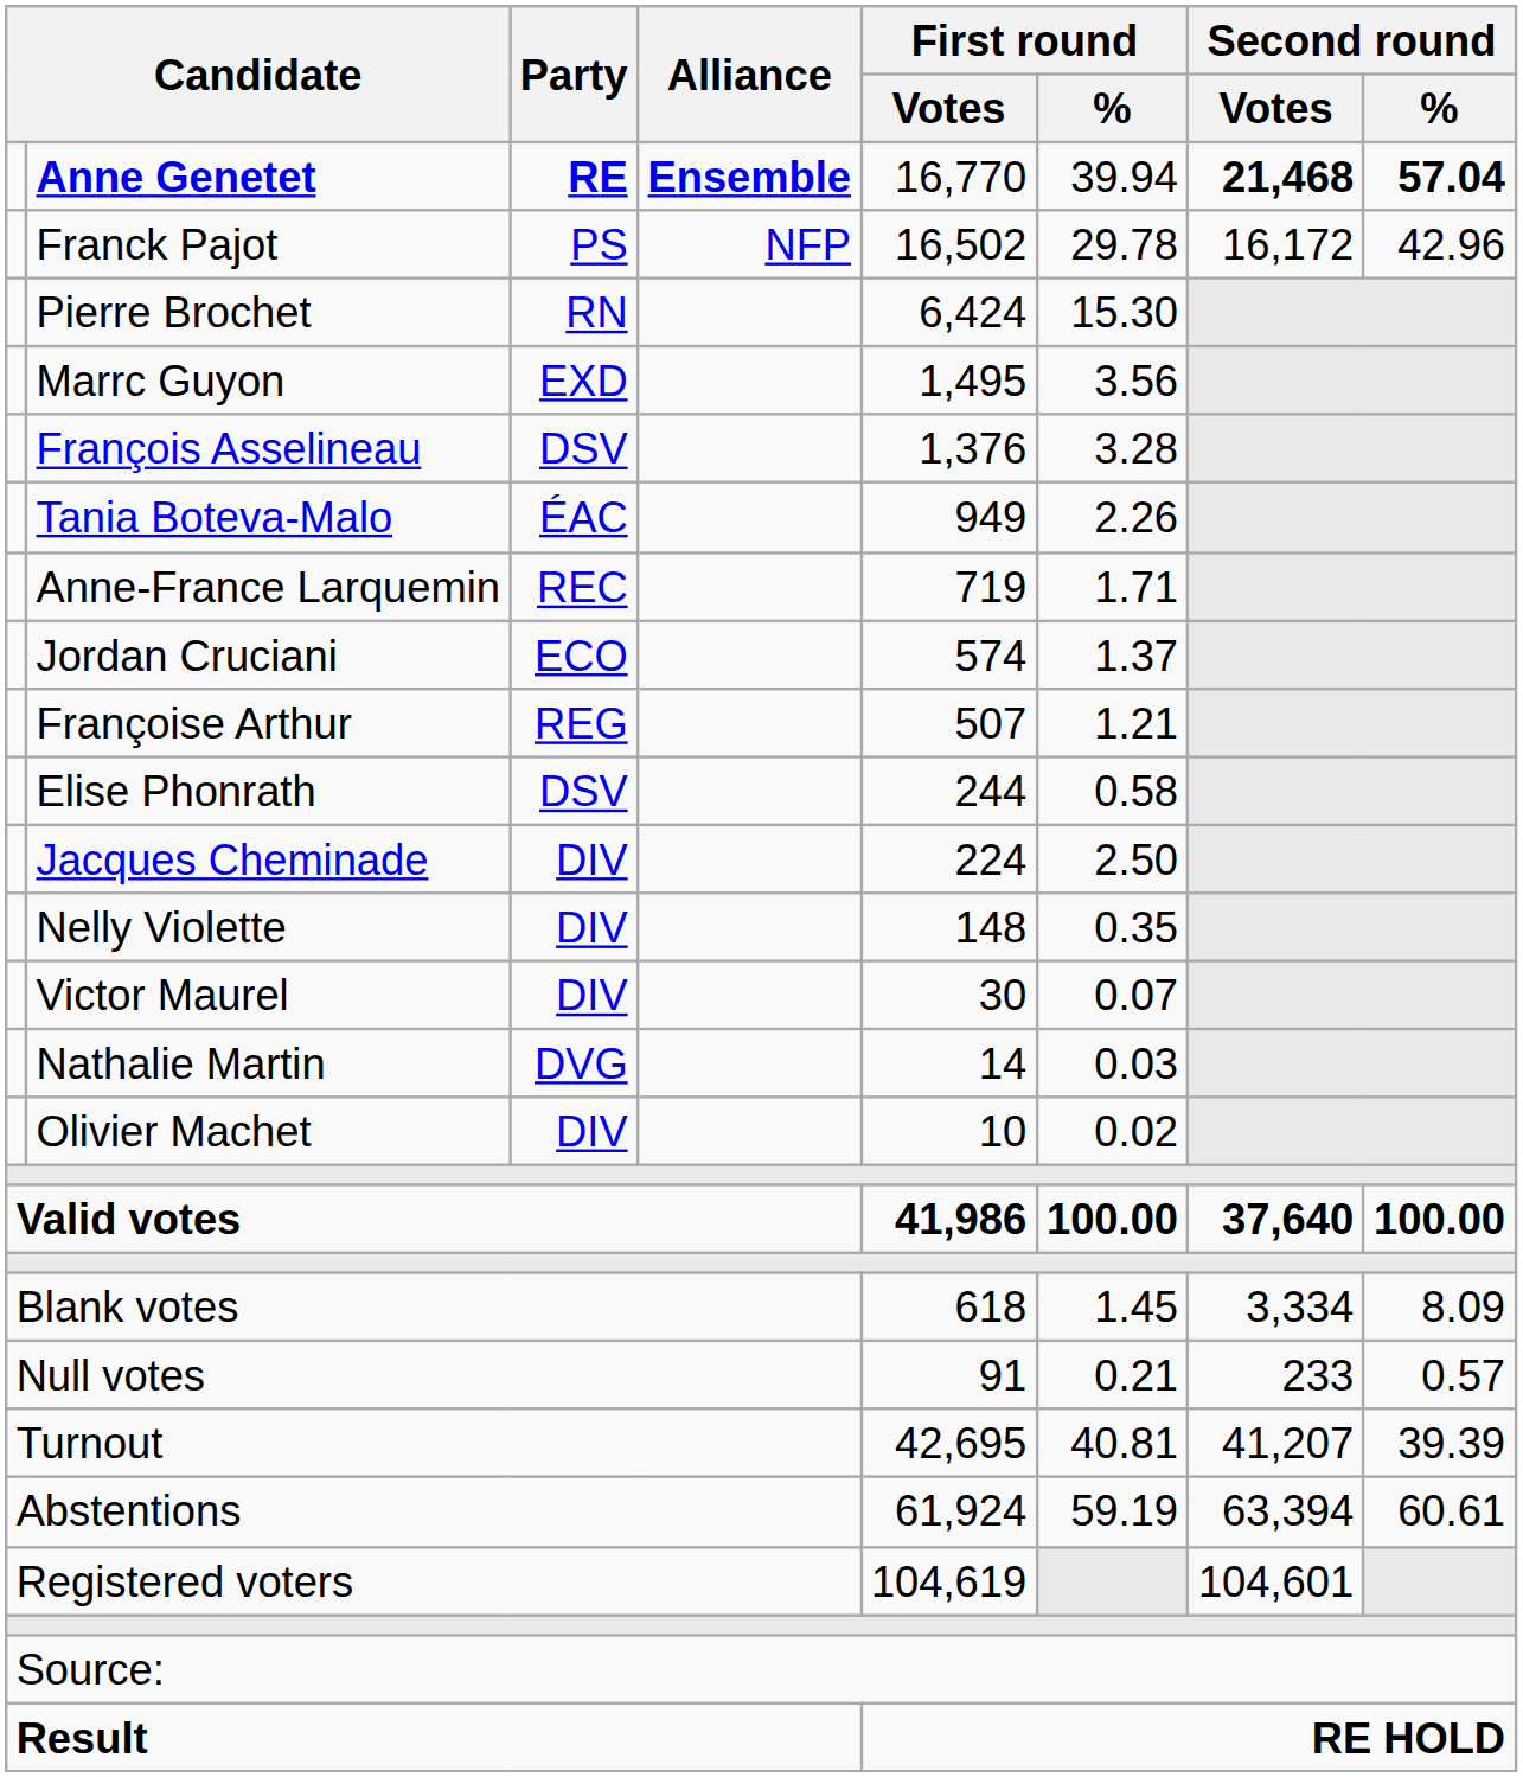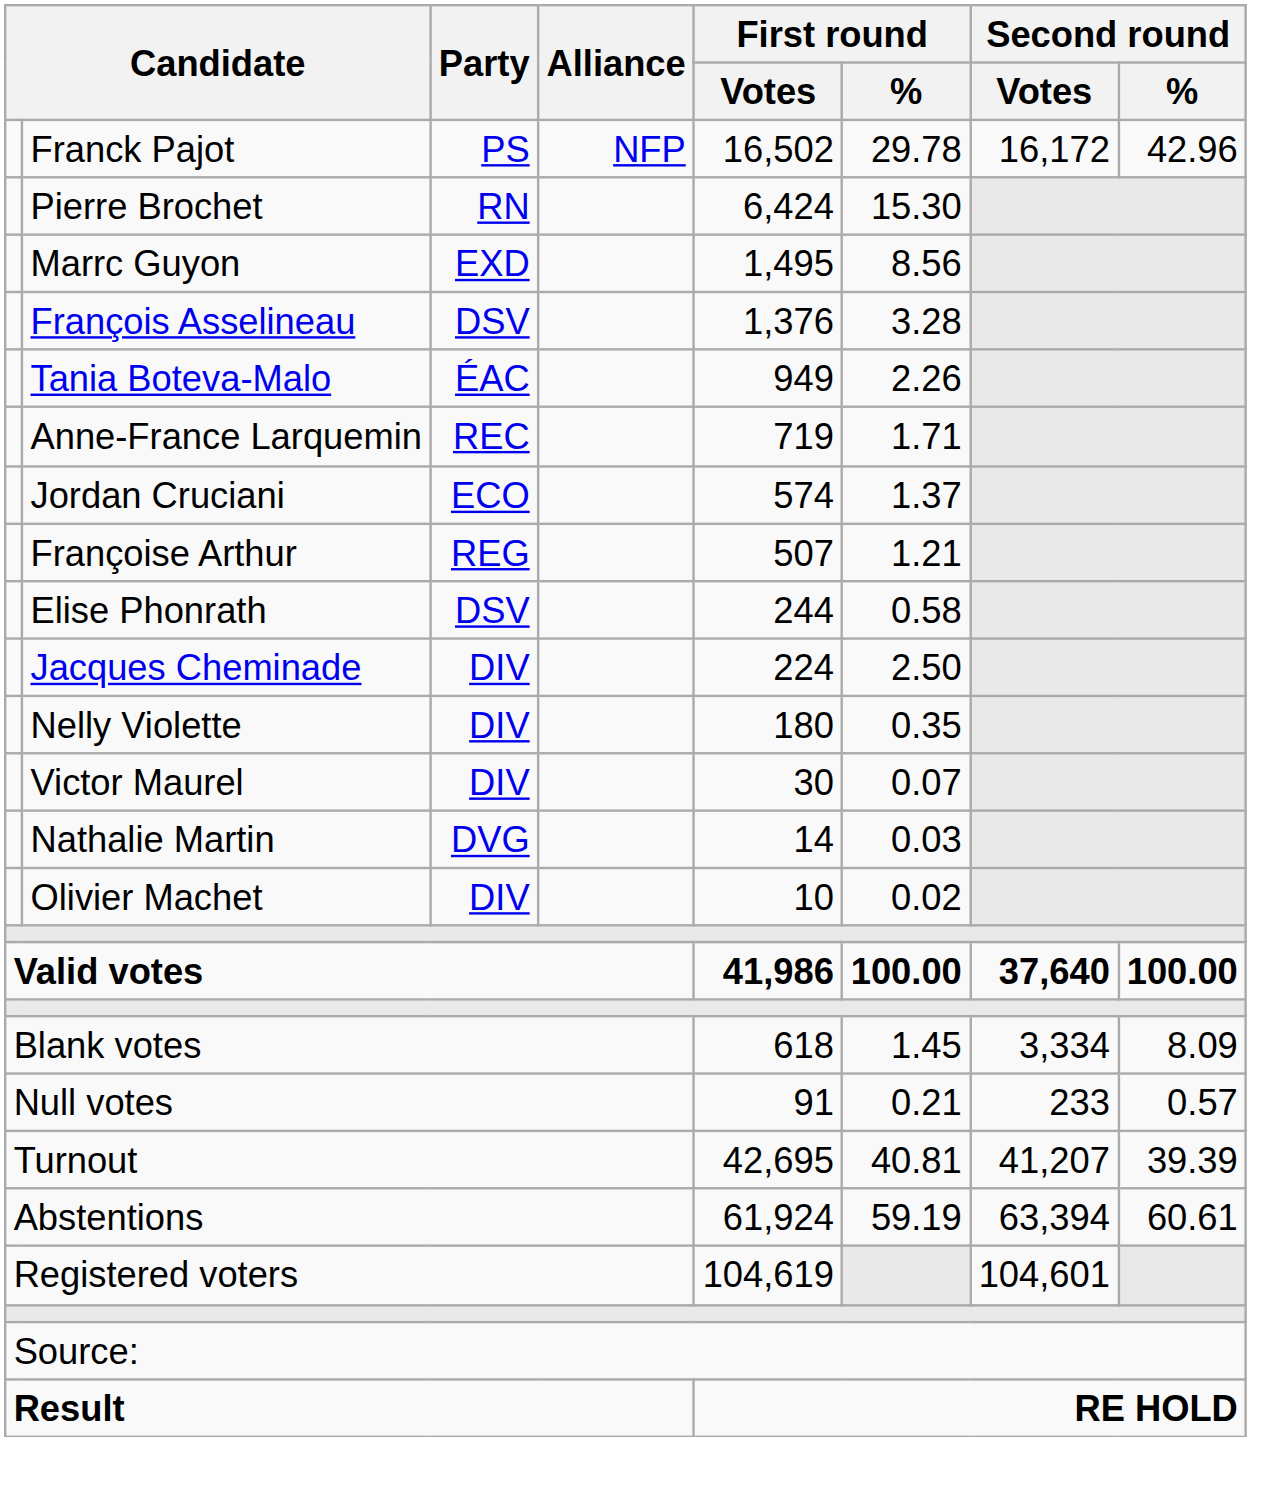 <table class="wikitable" style="text-align:right;font-size:95%;">
 <tr>
 <th colspan="2" rowspan="2">Candidate</th>
 <th colspan="1" rowspan="2">Party</th>
 <th colspan="1" rowspan="2">Alliance</th>
 <th colspan="2">First round</th>
 <th colspan="2">Second round</th>
 </tr>
 <tr>
 <th style="width:50px;">Votes</th>
 <th style="width:45px;">%</th>
 <th style="width:50px;">Votes</th>
 <th style="width:45px;">%</th>
-</tr>
-<tr>
-<td style="color:inherit;background:"></td>
-<td style="text-align:left;"><strong><a href='#'>Anne Genetet</a></strong></td>
-<td><a href='#'><strong>RE</strong></a></td>
-<td><a href='#'><strong>Ensemble</strong></a></td>
-<td>16,770</td>
-<td>39.94</td>
-<td><strong>21,468</strong></td>
-<td><strong>57.04</strong></td>
 </tr>
 <tr>
 <td style="color:inherit;background:"></td>
 <td style="text-align:left;">Franck Pajot</td>
 <td><a href='#'>PS</a></td>
 <td><a href='#'>NFP</a></td>
 <td>16,502</td>
 <td>29.78</td>
 <td>16,172</td>
 <td>42.96</td>
 </tr>
 <tr>
 <td style="color:inherit;background:"></td>
 <td style="text-align:left;">Pierre Brochet</td>
 <td><a href='#'>RN</a></td>
 <td></td>
 <td>6,424</td>
 <td>15.30</td>
 <td colspan="2" rowspan="1" style="background:#E9E9E9;"></td>
 </tr>
 <tr>
 <td style="color:inherit;background:"></td>
 <td style="text-align:left;">Marrc Guyon</td>
 <td><a href='#'>EXD</a></td>
 <td></td>
 <td>1,495</td>
-<td>3.56</td>
+<td>8.56</td>
 <td colspan="2" rowspan="1" style="background:#E9E9E9;"></td>
 </tr>
 <tr>
 <td style="color:inherit;background:"></td>
 <td style="text-align:left;"><a href='#'>François Asselineau</a></td>
 <td><a href='#'>DSV</a></td>
 <td></td>
 <td>1,376</td>
 <td>3.28</td>
 <td colspan="2" rowspan="1" style="background:#E9E9E9;"></td>
 </tr>
 <tr>
 <td style="color:inherit;background:"></td>
 <td style="text-align:left;"><a href='#'>Tania Boteva-Malo</a></td>
 <td><a href='#'>ÉAC</a></td>
 <td></td>
 <td>949</td>
 <td>2.26</td>
 <td colspan="2" rowspan="1" style="background:#E9E9E9;"></td>
 </tr>
 <tr>
 <td style="color:inherit;background:"></td>
 <td style="text-align:left;">Anne-France Larquemin</td>
 <td><a href='#'>REC</a></td>
 <td></td>
 <td>719</td>
 <td>1.71</td>
 <td colspan="2" rowspan="1" style="background:#E9E9E9;"></td>
 </tr>
 <tr>
 <td style="color:inherit;background:"></td>
 <td style="text-align:left;">Jordan Cruciani</td>
 <td><a href='#'>ECO</a></td>
 <td></td>
 <td>574</td>
 <td>1.37</td>
 <td colspan="2" rowspan="1" style="background:#E9E9E9;"></td>
 </tr>
 <tr>
 <td style="color:inherit;background:"></td>
 <td style="text-align:left;">Françoise Arthur</td>
 <td><a href='#'>REG</a></td>
 <td></td>
 <td>507</td>
 <td>1.21</td>
 <td colspan="2" style="background:#E9E9E9;"></td>
 </tr>
 <tr>
 <td style="color:inherit;background:"></td>
 <td style="text-align:left;">Elise Phonrath</td>
 <td><a href='#'>DSV</a></td>
 <td></td>
 <td>244</td>
 <td>0.58</td>
 <td colspan="2" style="background:#E9E9E9;"></td>
 </tr>
 <tr>
 <td style="color:inherit;background:"></td>
 <td style="text-align:left;"><a href='#'>Jacques Cheminade</a></td>
 <td><a href='#'>DIV</a></td>
 <td></td>
 <td>224</td>
 <td>2.50</td>
 <td colspan="2" style="background:#E9E9E9;"></td>
 </tr>
 <tr>
 <td style="color:inherit;background:"></td>
 <td style="text-align:left;">Nelly Violette</td>
 <td><a href='#'>DIV</a></td>
 <td></td>
-<td>148</td>
+<td>180</td>
 <td>0.35</td>
 <td colspan="2" style="background:#E9E9E9;"></td>
 </tr>
 <tr>
 <td style="color:inherit;background:"></td>
 <td style="text-align:left;">Victor Maurel</td>
 <td><a href='#'>DIV</a></td>
 <td></td>
 <td>30</td>
 <td>0.07</td>
 <td colspan="2" style="background:#E9E9E9;"></td>
 </tr>
 <tr>
 <td style="color:inherit;background:"></td>
 <td style="text-align:left;">Nathalie Martin</td>
 <td><a href='#'>DVG</a></td>
 <td></td>
 <td>14</td>
 <td>0.03</td>
 <td colspan="2" style="background:#E9E9E9;"></td>
 </tr>
 <tr>
 <td style="color:inherit;background:"></td>
 <td style="text-align:left;">Olivier Machet</td>
 <td><a href='#'>DIV</a></td>
 <td></td>
 <td>10</td>
 <td>0.02</td>
 <td colspan="2" style="background:#E9E9E9;"></td>
 </tr>
 <tr>
 <td colspan="8" style="background:#E9E9E9;"></td>
 </tr>
 <tr style="font-weight:bold;">
 <td colspan="4" style="text-align:left;">Valid votes</td>
 <td>41,986</td>
 <td>100.00</td>
 <td>37,640</td>
 <td>100.00</td>
 </tr>
 <tr>
 <td colspan="8" style="background:#E9E9E9;"></td>
 </tr>
 <tr>
 <td colspan="4" style="text-align:left;">Blank votes</td>
 <td>618</td>
 <td>1.45</td>
 <td>3,334</td>
 <td>8.09</td>
 </tr>
 <tr>
 <td colspan="4" style="text-align:left;">Null votes</td>
 <td>91</td>
 <td>0.21</td>
 <td>233</td>
 <td>0.57</td>
 </tr>
 <tr>
 <td colspan="4" style="text-align:left;">Turnout</td>
 <td>42,695</td>
 <td>40.81</td>
 <td>41,207</td>
 <td>39.39</td>
 </tr>
 <tr>
 <td colspan="4" style="text-align:left;">Abstentions</td>
 <td>61,924</td>
 <td>59.19</td>
 <td>63,394</td>
 <td>60.61</td>
 </tr>
 <tr>
 <td colspan="4" style="text-align:left;">Registered voters</td>
 <td>104,619</td>
 <td style="background:#E9E9E9;"></td>
 <td>104,601</td>
 <td style="background:#E9E9E9;"></td>
 </tr>
 <tr>
 <td colspan="8" style="background:#E9E9E9;"></td>
 </tr>
 <tr>
 <td colspan="8" style="text-align:left;">Source: </td>
 </tr>
 <tr style="font-weight:bold">
 <td colspan="4" style="text-align:left;">Result</td>
 <td colspan="4" style="background-color:">RE HOLD</td>
 </tr>
 </table>
